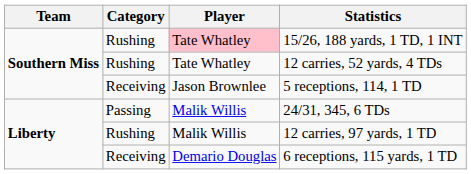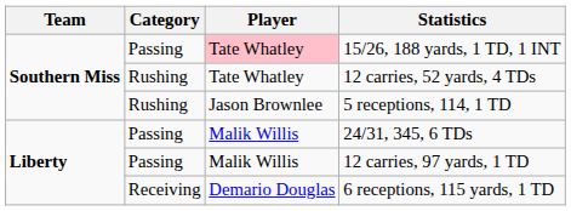 <table class="wikitable" style="float: left;">
 <tr>
 <th>Team</th>
 <th>Category</th>
 <th>Player</th>
 <th>Statistics</th>
 </tr>
 <tr>
 <td rowspan=3><strong>Southern Miss</strong></td>
-<td>Rushing</td>
+<td>Passing</td>
 <td style="background: pink;">Tate Whatley</td>
 <td>15/26, 188 yards, 1 TD, 1 INT</td>
 </tr>
 <tr>
 <td>Rushing</td>
 <td>Tate Whatley</td>
 <td>12 carries, 52 yards, 4 TDs</td>
 </tr>
 <tr>
-<td>Receiving</td>
+<td>Rushing</td>
 <td>Jason Brownlee</td>
 <td>5 receptions, 114, 1 TD</td>
 </tr>
 <tr>
 <td rowspan=3><strong>Liberty</strong></td>
 <td>Passing</td>
 <td><a href='#'>Malik Willis</a></td>
 <td>24/31, 345, 6 TDs</td>
 </tr>
 <tr>
-<td>Rushing</td>
+<td>Passing</td>
 <td>Malik Willis</td>
 <td>12 carries, 97 yards, 1 TD</td>
 </tr>
 <tr>
 <td>Receiving</td>
 <td><a href='#'>Demario Douglas</a></td>
 <td>6 receptions, 115 yards, 1 TD</td>
 </tr>
 </table>
